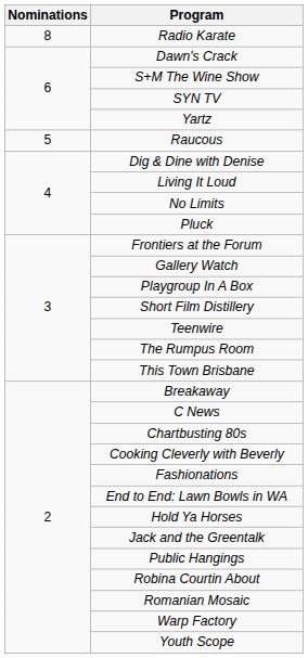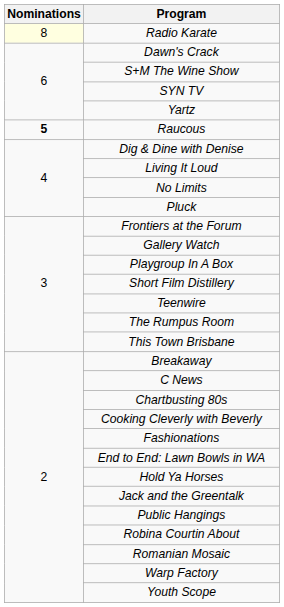 <table class="wikitable" style="text-align:center;">
 <tr>
 <th scope="col" width="50">Nominations</th>
 <th scope="col" width="250">Program</th>
 </tr>
 <tr>
-<td>8</td>
+<td style="background: lightyellow;">8</td>
 <td><em>Radio Karate</em></td>
 </tr>
 <tr>
 <td rowspan=4 style="text-align:center;">6</td>
 <td><em>Dawn's Crack</em></td>
 </tr>
 <tr>
 <td><em>S+M The Wine Show</em></td>
 </tr>
 <tr>
 <td><em>SYN TV</em></td>
 </tr>
 <tr>
 <td><em>Yartz</em></td>
 </tr>
 <tr>
-<td>5</td>
+<td><strong>5</strong></td>
 <td><em>Raucous</em></td>
 </tr>
 <tr>
 <td rowspan=4 style="text-align:center;">4</td>
 <td><em>Dig & Dine with Denise</em></td>
 </tr>
 <tr>
 <td><em>Living It Loud</em></td>
 </tr>
 <tr>
 <td><em>No Limits</em></td>
 </tr>
 <tr>
 <td><em>Pluck</em></td>
 </tr>
 <tr>
 <td rowspan=7 style="text-align:center;">3</td>
 <td><em>Frontiers at the Forum</em></td>
 </tr>
 <tr>
 <td><em>Gallery Watch</em></td>
 </tr>
 <tr>
 <td><em>Playgroup In A Box</em></td>
 </tr>
 <tr>
 <td><em>Short Film Distillery</em></td>
 </tr>
 <tr>
 <td><em>Teenwire</em></td>
 </tr>
 <tr>
 <td><em>The Rumpus Room</em></td>
 </tr>
 <tr>
 <td><em>This Town Brisbane</em></td>
 </tr>
 <tr>
 <td rowspan=13 style="text-align:center;">2</td>
 <td><em>Breakaway</em></td>
 </tr>
 <tr>
 <td><em>C News</em></td>
 </tr>
 <tr>
 <td><em>Chartbusting 80s</em></td>
 </tr>
 <tr>
 <td><em>Cooking Cleverly with Beverly</em></td>
 </tr>
 <tr>
 <td><em>Fashionations</em></td>
 </tr>
 <tr>
 <td><em>End to End: Lawn Bowls in WA</em></td>
 </tr>
 <tr>
 <td><em>Hold Ya Horses</em></td>
 </tr>
 <tr>
 <td><em>Jack and the Greentalk</em></td>
 </tr>
 <tr>
 <td><em>Public Hangings</em></td>
 </tr>
 <tr>
 <td><em>Robina Courtin About</em></td>
 </tr>
 <tr>
 <td><em>Romanian Mosaic</em></td>
 </tr>
 <tr>
 <td><em>Warp Factory</em></td>
 </tr>
 <tr>
 <td><em>Youth Scope</em></td>
 </tr>
 </table>
